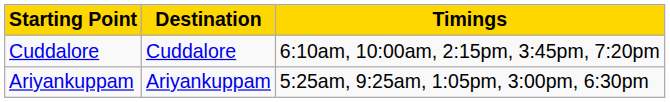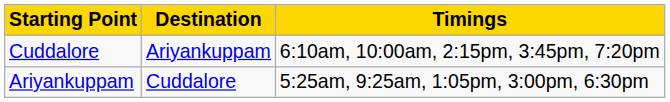 <table class="wikitable">
 <tr>
 <th style="background-color:#FFD700">Starting Point</th>
 <th ! style="background-color:#FFD700">Destination</th>
 <th ! style="background-color:#FFD700">Timings</th>
 </tr>
 <tr>
 <td valign="top"><a href='#'>Cuddalore</a></td>
-<td valign="top"><a href='#'>Cuddalore</a></td>
+<td valign="top"><a href='#'>Ariyankuppam</a></td>
 <td valign="top">6:10am, 10:00am, 2:15pm, 3:45pm, 7:20pm</td>
 </tr>
 <tr>
 <td valign="top"><a href='#'>Ariyankuppam</a></td>
-<td valign="top"><a href='#'>Ariyankuppam</a></td>
+<td valign="top"><a href='#'>Cuddalore</a></td>
 <td valign="top">5:25am, 9:25am, 1:05pm, 3:00pm, 6:30pm</td>
 </tr>
 </table>
